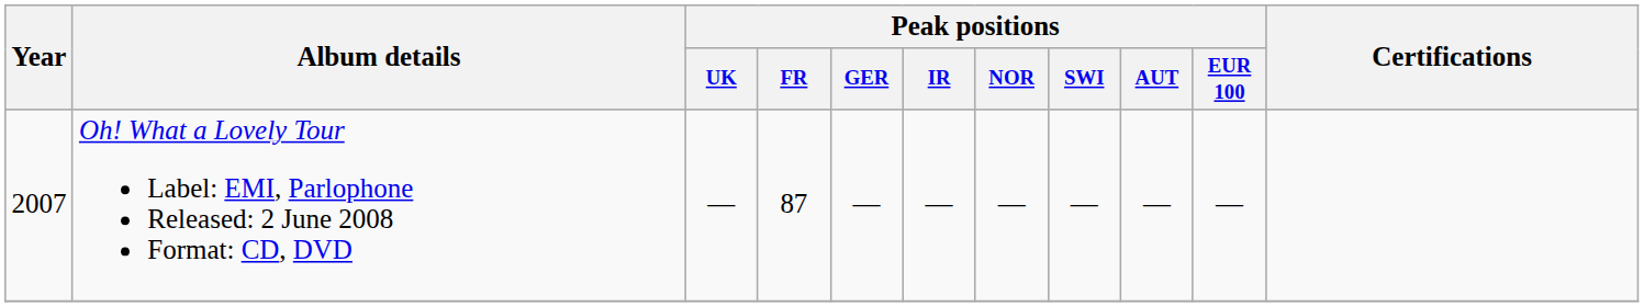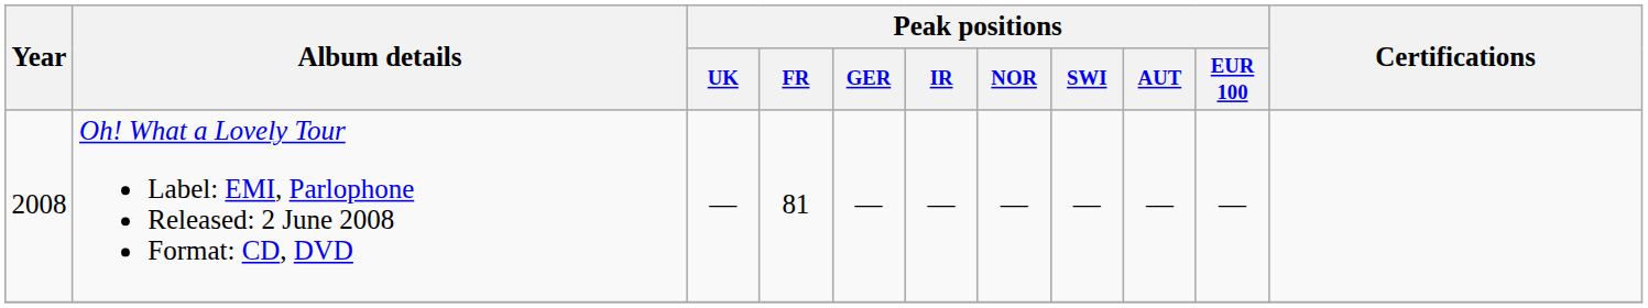 <table class="wikitable">
 <tr>
 <th rowspan="2">Year</th>
 <th rowspan="2" width="350">Album details</th>
 <th colspan="8">Peak positions</th>
 <th rowspan="2" width="210">Certifications</th>
 </tr>
 <tr>
 <th style="width:3em;font-size:75%;"><a href='#'>UK</a><br></th>
 <th style="width:3em;font-size:75%;"><a href='#'>FR</a><br></th>
 <th style="width:3em;font-size:75%;"><a href='#'>GER</a><br></th>
 <th style="width:3em;font-size:75%;"><a href='#'>IR</a><br></th>
 <th style="width:3em;font-size:75%;"><a href='#'>NOR</a><br></th>
 <th style="width:3em;font-size:75%;"><a href='#'>SWI</a><br></th>
 <th style="width:3em;font-size:75%;"><a href='#'>AUT</a><br></th>
 <th style="width:3em;font-size:75%;"><a href='#'>EUR 100</a></th>
 </tr>
 <tr>
-<td>2007</td>
+<td>2008</td>
 <td align="left"><em><a href='#'>Oh! What a Lovely Tour</a></em><br><ul><li>Label:  <a href='#'>EMI</a>, <a href='#'>Parlophone</a></li><li>Released: 2 June 2008</li><li>Format: <a href='#'>CD</a>, <a href='#'>DVD</a></li></ul></td>
 <td width="35" align="center">—</td>
-<td width="35" align="center">87</td>
+<td width="35" align="center">81</td>
 <td width="35" align="center">—</td>
 <td width="35" align="center">—</td>
 <td width="35" align="center">—</td>
 <td width="35" align="center">—</td>
 <td width="35" align="center">—</td>
 <td width="35" align="center">—</td>
 <td></td>
 </tr>
 <tr>
 </tr>
 </table>
